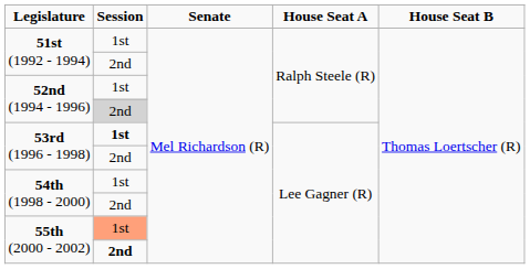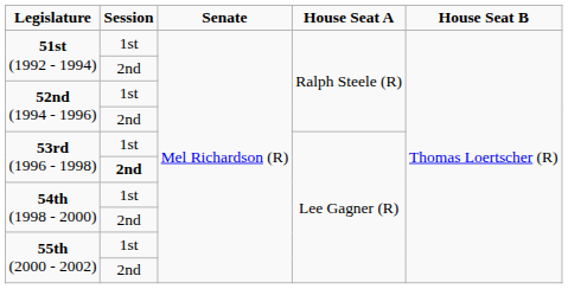 <table class=wikitable style="text-align:center">
 <tr>
 <td><strong>Legislature</strong></td>
 <td><strong>Session</strong></td>
 <td><strong>Senate</strong></td>
 <td><strong>House Seat A</strong></td>
 <td><strong>House Seat B</strong></td>
 </tr>
 <tr>
 <td rowspan="2" colspan="1" style="text-align: center;"><strong>51st</strong> <br> (1992 - 1994)</td>
 <td>1st</td>
 <td rowspan="10" colspan="1" style="text-align: center;" ><a href='#'>Mel Richardson</a> (R)</td>
 <td rowspan="4" colspan="1" style="text-align: center;" >Ralph Steele (R)</td>
 <td rowspan="10" colspan="1" style="text-align: center;" ><a href='#'>Thomas Loertscher</a> (R)</td>
 </tr>
 <tr>
 <td>2nd</td>
 </tr>
 <tr>
 <td rowspan="2" colspan="1" style="text-align: center;"><strong>52nd</strong> <br> (1994 - 1996)</td>
 <td>1st</td>
 </tr>
 <tr>
-<td style="background: lightgrey;">2nd</td>
+<td>2nd</td>
 </tr>
 <tr>
 <td rowspan="2" colspan="1" style="text-align: center;"><strong>53rd</strong> <br> (1996 - 1998)</td>
-<td><strong>1st</strong></td>
+<td>1st</td>
 <td rowspan="6" colspan="1" style="text-align: center;" >Lee Gagner (R)</td>
 </tr>
 <tr>
-<td>2nd</td>
+<td><strong>2nd</strong></td>
 </tr>
 <tr>
 <td rowspan="2" colspan="1" style="text-align: center;"><strong>54th</strong> <br> (1998 - 2000)</td>
 <td>1st</td>
 </tr>
 <tr>
 <td>2nd</td>
 </tr>
 <tr>
 <td rowspan="2" colspan="1" style="text-align: center;"><strong>55th</strong> <br> (2000 - 2002)</td>
-<td style="background: lightsalmon;">1st</td>
+<td>1st</td>
 </tr>
 <tr>
-<td><strong>2nd</strong></td>
+<td>2nd</td>
 </tr>
 </table>
